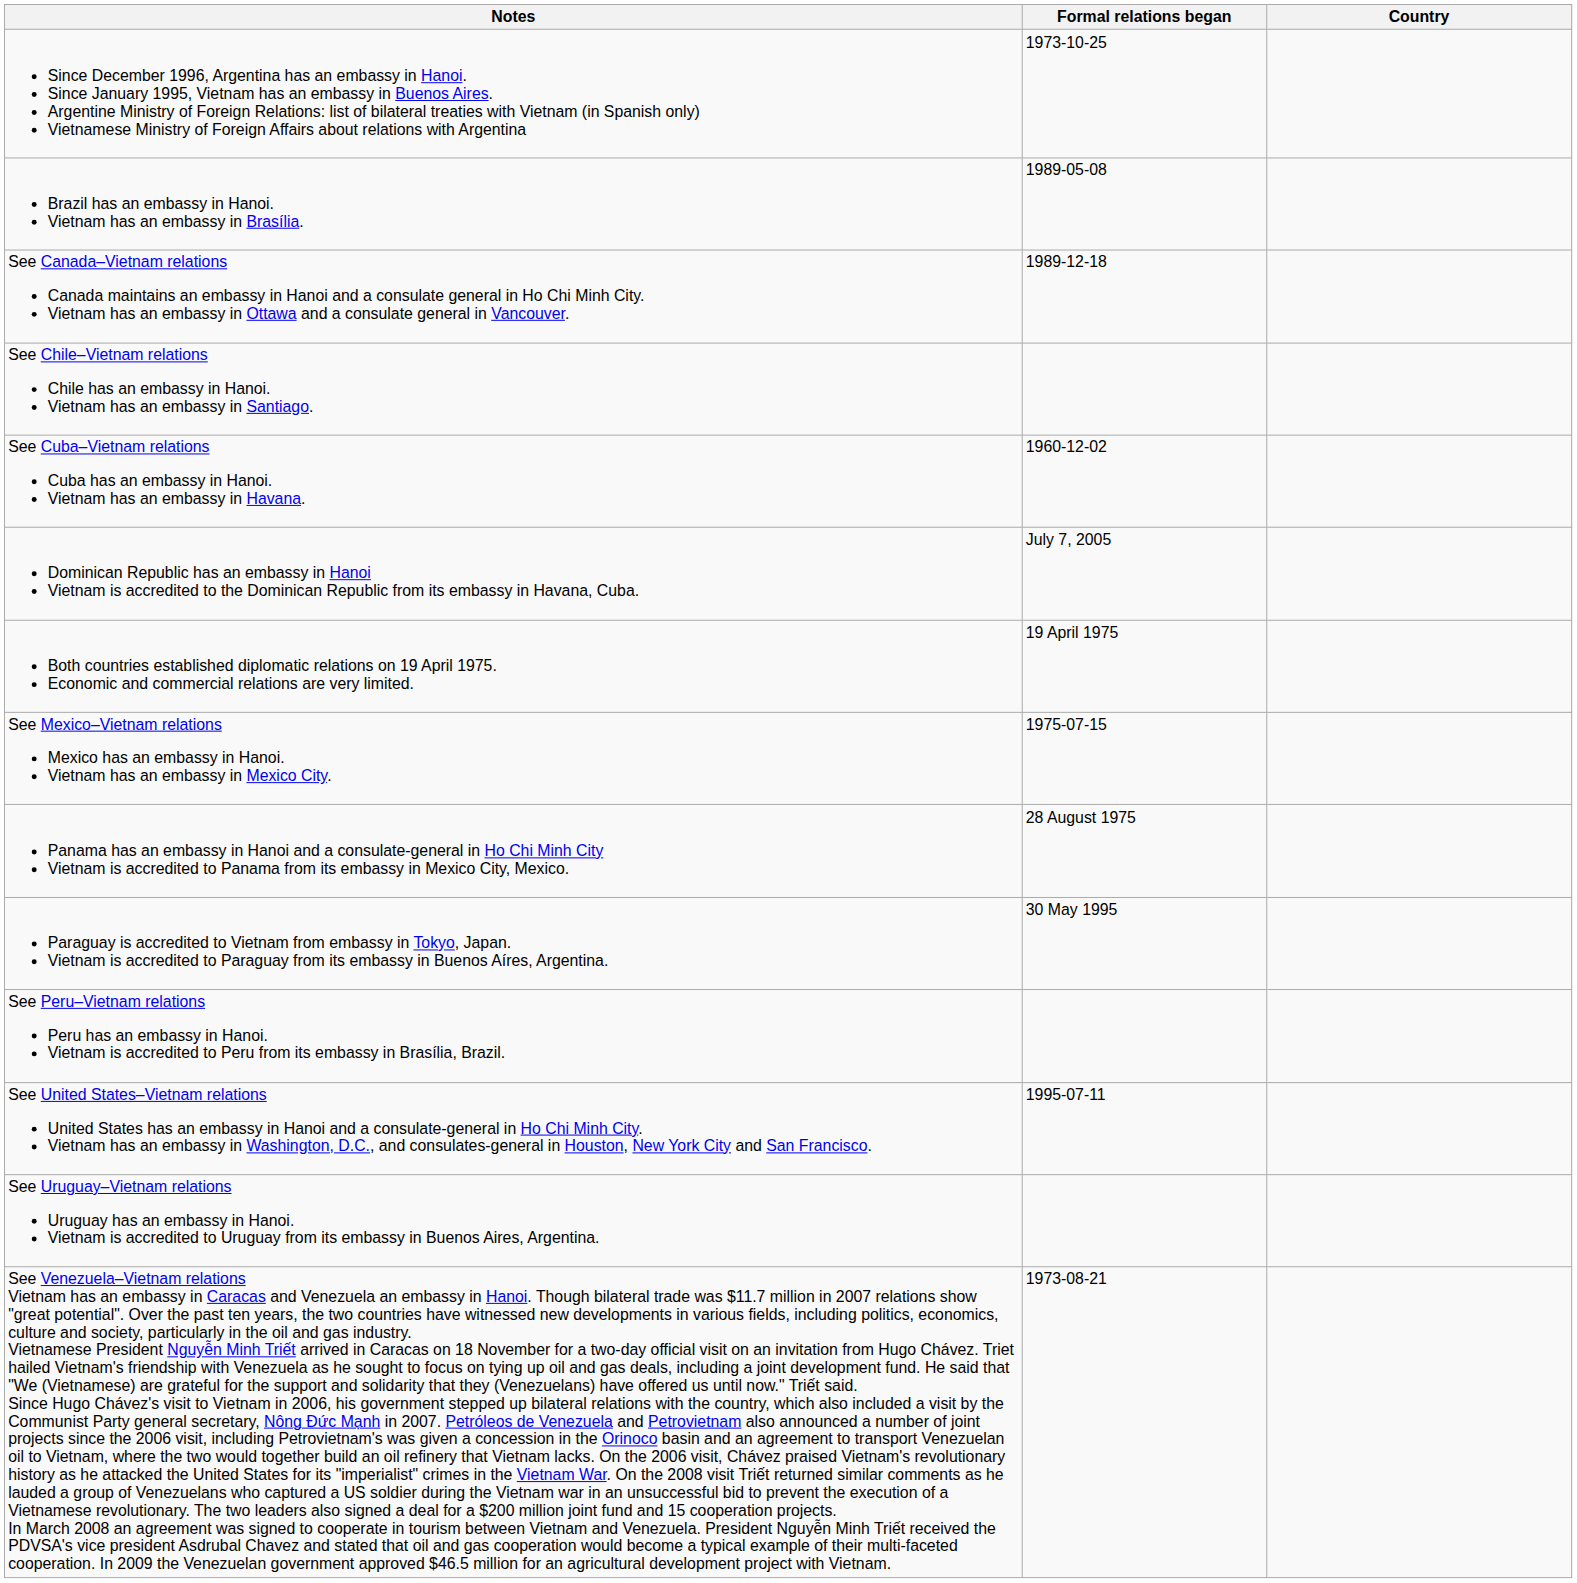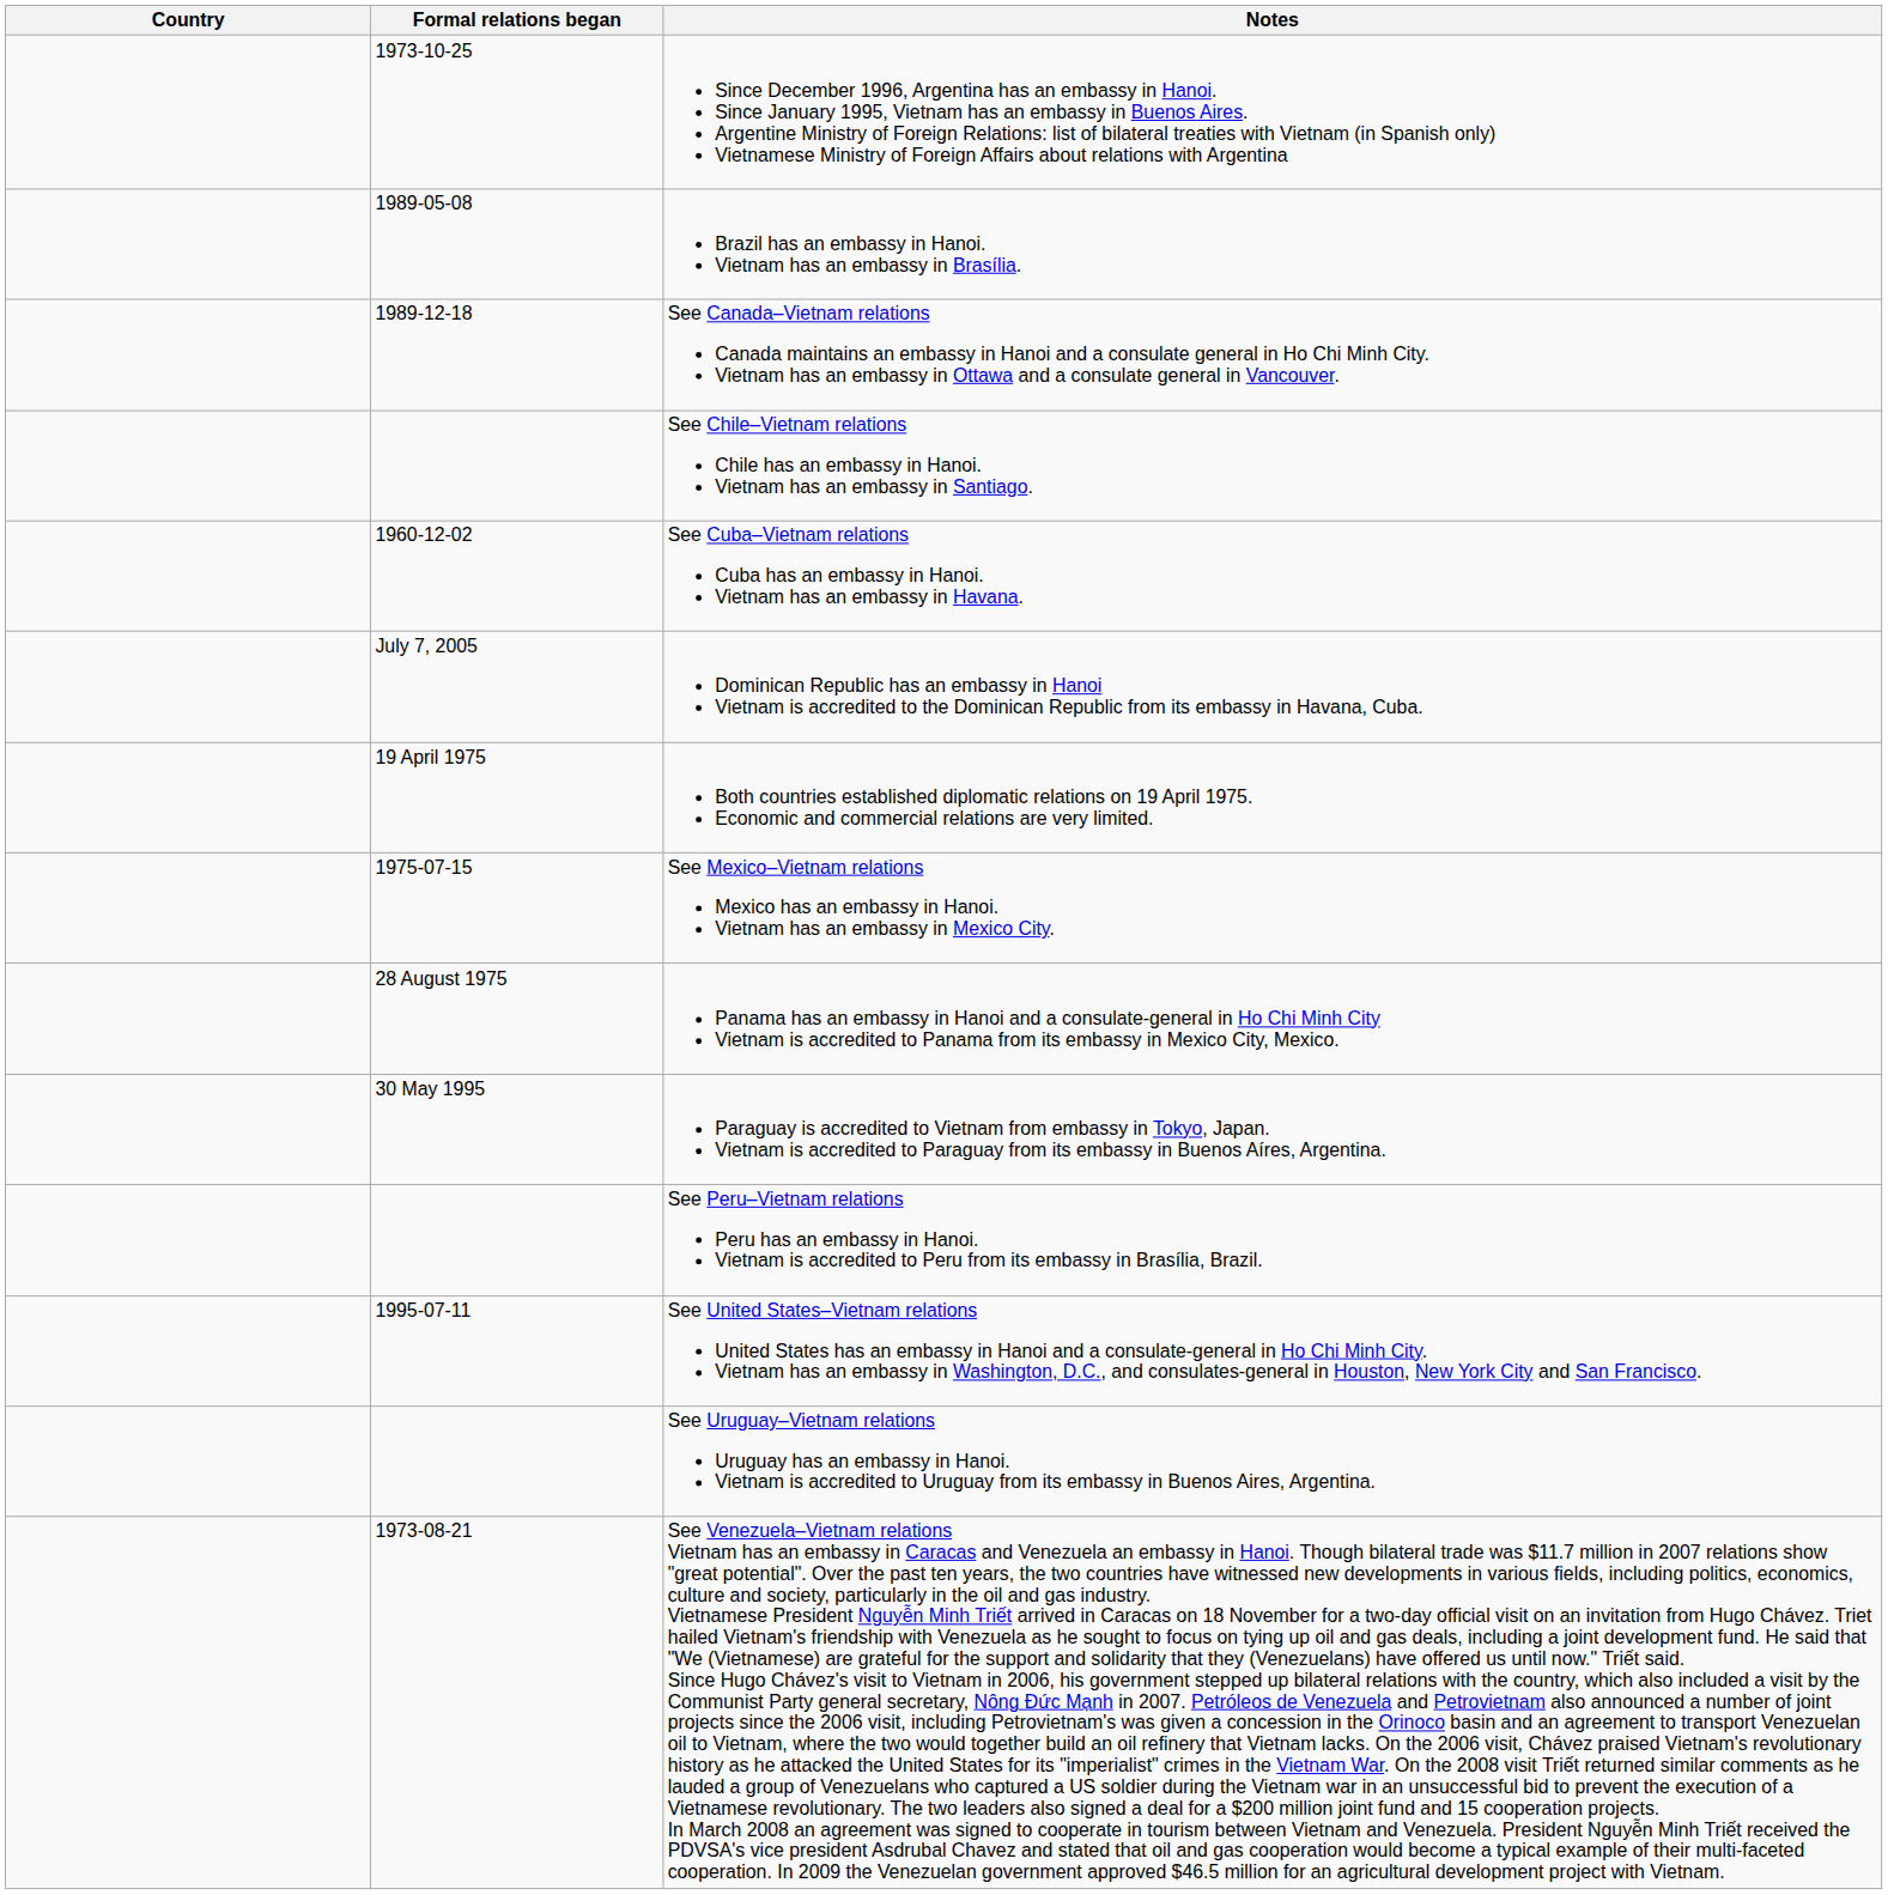 <table class="wikitable sortable" style="width:100%; margin:auto;">
 <tr>
+<th style="width:15%;">Country</th>
+<th style="width:12%;">Formal relations began</th>
 <th style="width:50%;">Notes</th>
-<th style="width:12%;">Formal relations began</th>
-<th style="width:15%;">Country</th>
 </tr>
 <tr valign="top">
+<td></td>
+<td> 1973-10-25</td>
 <td><br><ul><li>Since December 1996, Argentina has an embassy in <a href='#'>Hanoi</a>.</li><li>Since January 1995, Vietnam has an embassy in <a href='#'>Buenos Aires</a>.</li><li>Argentine Ministry of Foreign Relations: list of bilateral treaties with Vietnam (in Spanish only)</li><li>Vietnamese Ministry of Foreign Affairs about relations with Argentina</li></ul></td>
-<td> 1973-10-25</td>
-<td></td>
 </tr>
 <tr valign="top">
+<td></td>
+<td>1989-05-08</td>
 <td><br><ul><li>Brazil has an embassy in Hanoi.</li><li>Vietnam has an embassy in <a href='#'>Brasília</a>.</li></ul></td>
-<td>1989-05-08</td>
-<td></td>
 </tr>
 <tr valign="top">
+<td></td>
+<td> 1989-12-18</td>
 <td>See <a href='#'>Canada–Vietnam relations</a><br><ul><li>Canada maintains an embassy in Hanoi and a consulate general in Ho Chi Minh City.</li><li>Vietnam has an embassy in <a href='#'>Ottawa</a> and a consulate general in <a href='#'>Vancouver</a>.</li></ul></td>
-<td> 1989-12-18</td>
-<td></td>
 </tr>
 <tr valign="top">
-<td>See <a href='#'>Chile–Vietnam relations</a><br><ul><li>Chile has an embassy in Hanoi.</li><li>Vietnam has an embassy in <a href='#'>Santiago</a>.</li></ul></td>
 <td></td>
 <td></td>
+<td>See <a href='#'>Chile–Vietnam relations</a><br><ul><li>Chile has an embassy in Hanoi.</li><li>Vietnam has an embassy in <a href='#'>Santiago</a>.</li></ul></td>
 </tr>
 <tr valign="top">
+<td></td>
+<td>1960-12-02</td>
 <td>See <a href='#'>Cuba–Vietnam relations</a><br><ul><li>Cuba has an embassy in Hanoi.</li><li>Vietnam has an embassy in <a href='#'>Havana</a>.</li></ul></td>
-<td>1960-12-02</td>
-<td></td>
 </tr>
 <tr valign="top">
+<td></td>
+<td>July 7, 2005</td>
 <td><br><ul><li>Dominican Republic has an embassy in <a href='#'>Hanoi</a></li><li>Vietnam is accredited to the Dominican Republic from its embassy in Havana, Cuba.</li></ul></td>
-<td>July 7, 2005</td>
-<td></td>
 </tr>
 <tr valign="top">
+<td></td>
+<td>19 April 1975</td>
 <td><br><ul><li>Both countries established diplomatic relations on 19 April 1975.</li><li>Economic and commercial relations are very limited.</li></ul></td>
-<td>19 April 1975</td>
-<td></td>
 </tr>
 <tr valign="top">
+<td></td>
+<td> 1975-07-15</td>
 <td>See <a href='#'>Mexico–Vietnam relations</a><br><ul><li>Mexico has an embassy in Hanoi.</li><li>Vietnam has an embassy in <a href='#'>Mexico City</a>.</li></ul></td>
-<td> 1975-07-15</td>
-<td></td>
 </tr>
 <tr valign="top">
+<td></td>
+<td>28 August 1975</td>
 <td><br><ul><li>Panama has an embassy in Hanoi and a consulate-general in <a href='#'>Ho Chi Minh City</a></li><li>Vietnam is accredited to Panama from its embassy in Mexico City, Mexico.</li></ul></td>
-<td>28 August 1975</td>
-<td></td>
 </tr>
 <tr valign="top">
+<td></td>
+<td>30 May 1995</td>
 <td><br><ul><li>Paraguay is accredited to Vietnam from embassy in <a href='#'>Tokyo</a>, Japan.</li><li>Vietnam is accredited to Paraguay from its embassy in Buenos Aíres, Argentina.</li></ul></td>
-<td>30 May 1995</td>
-<td></td>
 </tr>
 <tr valign="top">
-<td>See <a href='#'>Peru–Vietnam relations</a><br><ul><li>Peru has an embassy in Hanoi.</li><li>Vietnam is accredited to Peru from its embassy in Brasília, Brazil.</li></ul></td>
 <td></td>
 <td></td>
+<td>See <a href='#'>Peru–Vietnam relations</a><br><ul><li>Peru has an embassy in Hanoi.</li><li>Vietnam is accredited to Peru from its embassy in Brasília, Brazil.</li></ul></td>
 </tr>
 <tr valign="top">
+<td></td>
+<td> 1995-07-11</td>
 <td>See <a href='#'>United States–Vietnam relations</a><br><ul><li>United States has an embassy in Hanoi and a consulate-general in <a href='#'>Ho Chi Minh City</a>.</li><li>Vietnam has an embassy in <a href='#'>Washington, D.C.</a>, and consulates-general in <a href='#'>Houston</a>, <a href='#'>New York City</a> and <a href='#'>San Francisco</a>.</li></ul></td>
-<td> 1995-07-11</td>
-<td></td>
 </tr>
 <tr valign="top">
-<td>See <a href='#'>Uruguay–Vietnam relations</a><br><ul><li>Uruguay has an embassy in Hanoi.</li><li>Vietnam is accredited to Uruguay from its embassy in Buenos Aires, Argentina.</li></ul></td>
 <td></td>
 <td></td>
+<td>See <a href='#'>Uruguay–Vietnam relations</a><br><ul><li>Uruguay has an embassy in Hanoi.</li><li>Vietnam is accredited to Uruguay from its embassy in Buenos Aires, Argentina.</li></ul></td>
 </tr>
 <tr valign="top">
+<td></td>
+<td> 1973-08-21</td>
 <td>See <a href='#'>Venezuela–Vietnam relations</a><br>Vietnam has an embassy in <a href='#'>Caracas</a> and Venezuela an embassy in <a href='#'>Hanoi</a>. Though bilateral trade was $11.7 million in 2007 relations show "great potential". Over the past ten years, the two countries have witnessed new developments in various fields, including politics, economics, culture and society, particularly in the oil and gas industry.<br>Vietnamese President <a href='#'>Nguyễn Minh Triết</a> arrived in Caracas on 18 November for a two-day official visit on an invitation from Hugo Chávez. Triet hailed Vietnam's friendship with Venezuela as he sought to focus on tying up oil and gas deals, including a joint development fund. He said that "We (Vietnamese) are grateful for the support and solidarity that they (Venezuelans) have offered us until now." Triết said.<br>Since Hugo Chávez's visit to Vietnam in 2006, his government stepped up bilateral relations with the country, which also included a visit by the Communist Party general secretary, <a href='#'>Nông Đức Mạnh</a> in 2007. <a href='#'>Petróleos de Venezuela</a> and <a href='#'>Petrovietnam</a> also announced a number of joint projects since the 2006 visit, including Petrovietnam's was given a concession in the <a href='#'>Orinoco</a> basin and an agreement to transport Venezuelan oil to Vietnam, where the two would together build an oil refinery that Vietnam lacks. On the 2006 visit, Chávez praised Vietnam's revolutionary history as he attacked the United States for its "imperialist" crimes in the <a href='#'>Vietnam War</a>. On the 2008 visit Triết returned similar comments as he lauded a group of Venezuelans who captured a US soldier during the Vietnam war in an unsuccessful bid to prevent the execution of a Vietnamese revolutionary. The two leaders also signed a deal for a $200 million joint fund and 15 cooperation projects.<br>In March 2008 an agreement was signed to cooperate in tourism between Vietnam and Venezuela. President Nguyễn Minh Triết received the PDVSA's vice president Asdrubal Chavez and stated that oil and gas cooperation would become a typical example of their multi-faceted cooperation. In 2009 the Venezuelan government approved $46.5 million for an agricultural development project with Vietnam.</td>
-<td> 1973-08-21</td>
-<td></td>
 </tr>
 </table>
